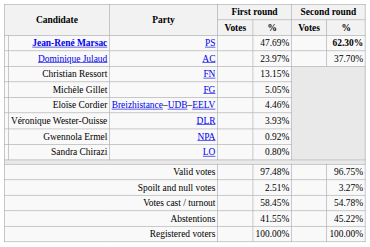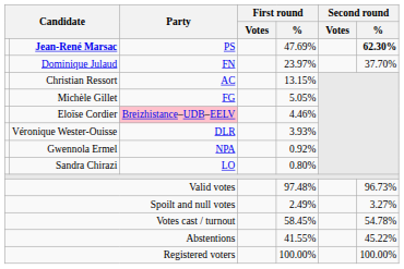 <table class="wikitable" style="text-align:right;font-size:95%;">
 <tr>
 <th rowspan=2 colspan=2>Candidate</th>
 <th rowspan=2 colspan=1>Party</th>
 <th colspan=2>First round</th>
 <th colspan=2>Second round</th>
 </tr>
 <tr>
 <th style="width:50px;">Votes</th>
 <th style="width:55px;">%</th>
 <th style="width:50px;">Votes</th>
 <th style="width:55px;">%</th>
 </tr>
 <tr>
 <td style="color:inherit;background-color:"></td>
 <td><strong><a href='#'>Jean-René Marsac</a></strong></td>
 <td><a href='#'>PS</a></td>
 <td></td>
 <td>47.69%</td>
 <td><strong></strong></td>
 <td><strong>62.30%</strong></td>
 </tr>
 <tr>
 <td style="color:inherit;background-color:"></td>
 <td><a href='#'>Dominique Julaud</a></td>
-<td><a href='#'>AC</a></td>
+<td><a href='#'>FN</a></td>
 <td></td>
 <td>23.97%</td>
 <td></td>
 <td>37.70%</td>
 </tr>
 <tr>
 <td style="color:inherit;background-color:"></td>
 <td>Christian Ressort</td>
-<td><a href='#'>FN</a></td>
+<td><a href='#'>AC</a></td>
 <td></td>
 <td>13.15%</td>
 <td colspan=7 rowspan=6 style="background-color:#E9E9E9;"></td>
 </tr>
 <tr>
 <td style="color:inherit;background-color:"></td>
 <td>Michèle Gillet</td>
 <td><a href='#'>FG</a></td>
 <td></td>
 <td>5.05%</td>
 </tr>
 <tr>
 <td style="color:inherit;background-color:"></td>
 <td>Eloïse Cordier</td>
-<td><a href='#'>Breizhistance</a>–<a href='#'>UDB</a>–<a href='#'>EELV</a></td>
+<td style="background: pink;"><a href='#'>Breizhistance</a>–<a href='#'>UDB</a>–<a href='#'>EELV</a></td>
 <td></td>
 <td>4.46%</td>
 </tr>
 <tr>
 <td style="color:inherit;background-color:"></td>
 <td>Véronique Wester-Ouisse</td>
 <td><a href='#'>DLR</a></td>
 <td></td>
 <td>3.93%</td>
 </tr>
 <tr>
 <td style="color:inherit;background-color:"></td>
 <td>Gwennola Ermel</td>
 <td><a href='#'>NPA</a></td>
 <td></td>
 <td>0.92%</td>
 </tr>
 <tr>
 <td style="color:inherit;background-color:"></td>
 <td>Sandra Chirazi</td>
 <td><a href='#'>LO</a></td>
 <td></td>
 <td>0.80%</td>
 </tr>
 <tr>
 <td colspan=7 style="background-color:#E9E9E9;"></td>
 </tr>
 <tr>
 <td colspan=3>Valid votes</td>
 <td></td>
 <td>97.48%</td>
 <td></td>
-<td>96.75%</td>
+<td>96.73%</td>
 </tr>
 <tr>
 <td colspan=3>Spoilt and null votes</td>
 <td></td>
-<td>2.51%</td>
+<td>2.49%</td>
 <td></td>
 <td>3.27%</td>
 </tr>
 <tr>
 <td colspan=3>Votes cast / turnout</td>
 <td></td>
 <td>58.45%</td>
 <td></td>
 <td>54.78%</td>
 </tr>
 <tr>
 <td colspan=3>Abstentions</td>
 <td></td>
 <td>41.55%</td>
 <td></td>
 <td>45.22%</td>
 </tr>
 <tr>
 <td colspan=3>Registered voters</td>
 <td></td>
 <td>100.00%</td>
 <td></td>
 <td>100.00%</td>
 </tr>
 </table>
